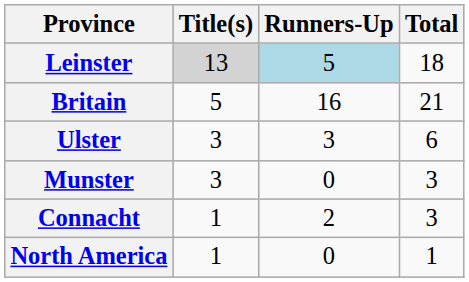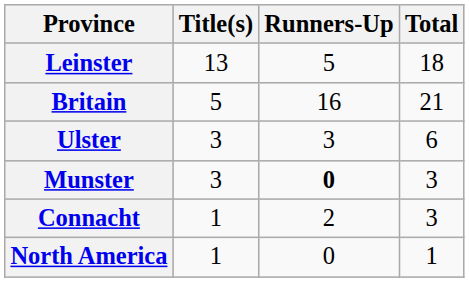 <table class="wikitable plainrowheaders sortable" style="text-align:center">
 <tr>
 <th rowspan="2">Province</th>
 <th rowspan="2">Title(s)</th>
 <th rowspan="2">Runners-Up</th>
 <th rowspan="2">Total</th>
 </tr>
 <tr>
 </tr>
 <tr>
 <th scope="row"> <a href='#'>Leinster</a></th>
-<td style="background: lightgrey;">13</td>
-<td style="background: lightblue;">5</td>
+<td>13</td>
+<td>5</td>
 <td>18</td>
 </tr>
 <tr>
 <th scope="row"> <a href='#'>Britain</a></th>
 <td>5</td>
 <td>16</td>
 <td>21</td>
 </tr>
 <tr>
 <th scope="row"> <a href='#'>Ulster</a></th>
 <td>3</td>
 <td>3</td>
 <td>6</td>
 </tr>
 <tr>
 <th scope="row"> <a href='#'>Munster</a></th>
 <td>3</td>
-<td>0</td>
+<td><strong>0</strong></td>
 <td>3</td>
 </tr>
 <tr>
 <th scope="row"> <a href='#'>Connacht</a></th>
 <td>1</td>
 <td>2</td>
 <td>3</td>
 </tr>
 <tr>
 <th scope="row"> <a href='#'>North America</a></th>
 <td>1</td>
 <td>0</td>
 <td>1</td>
 </tr>
 </table>
